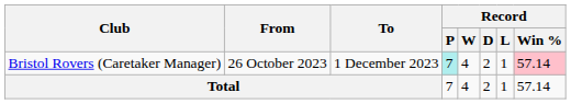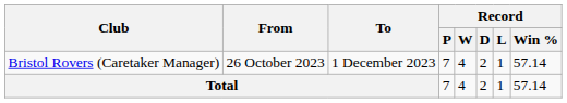 <table class="wikitable">
 <tr>
 <th rowspan="2">Club</th>
 <th rowspan="2">From</th>
 <th rowspan="2">To</th>
 <th colspan="5">Record</th>
 </tr>
 <tr>
 <th>P</th>
 <th>W</th>
 <th>D</th>
 <th>L</th>
 <th>Win %</th>
 </tr>
 <tr>
 <td><a href='#'>Bristol Rovers</a> (Caretaker Manager)</td>
 <td>26 October 2023</td>
 <td>1 December 2023</td>
-<td style="background: paleturquoise;">7</td>
+<td>7</td>
 <td>4</td>
 <td>2</td>
 <td>1</td>
-<td style="background: pink;">57.14</td>
+<td>57.14</td>
 </tr>
 <tr>
 <th colspan="3">Total</th>
 <td>7</td>
 <td>4</td>
 <td>2</td>
 <td>1</td>
 <td>57.14</td>
 </tr>
 </table>
